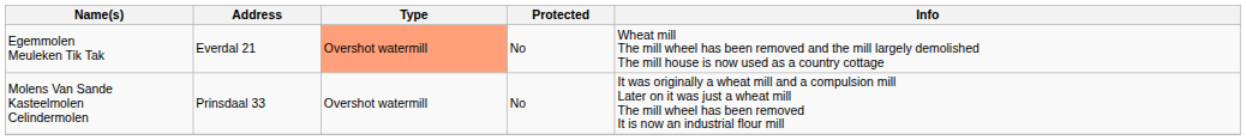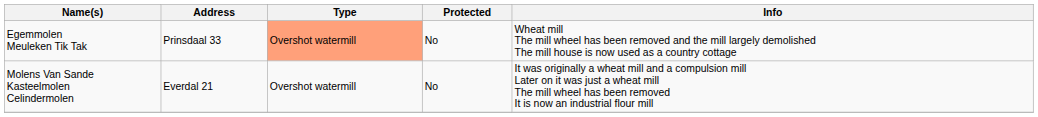 <table class="wikitable" width="100%">
 <tr>
 <th>Name(s)</th>
 <th>Address</th>
 <th>Type</th>
 <th>Protected</th>
 <th>Info</th>
 </tr>
 <tr>
 <td>Egemmolen <br> Meuleken Tik Tak</td>
-<td>Everdal 21</td>
+<td>Prinsdaal 33</td>
 <td style="background: lightsalmon;">Overshot watermill</td>
 <td> No</td>
 <td>Wheat mill <br> The mill wheel has been removed and the mill largely demolished <br> The mill house is now used as a country cottage</td>
 </tr>
 <tr>
 <td>Molens Van Sande <br> Kasteelmolen <br> Celindermolen</td>
-<td>Prinsdaal 33</td>
+<td>Everdal 21</td>
 <td>Overshot watermill</td>
 <td> No</td>
 <td>It was originally a wheat mill and a compulsion mill<br> Later on it was just a wheat mill <br> The mill wheel has been removed <br> It is now an industrial flour mill</td>
 </tr>
 <tr>
 </tr>
 </table>
